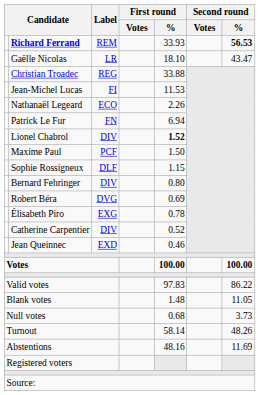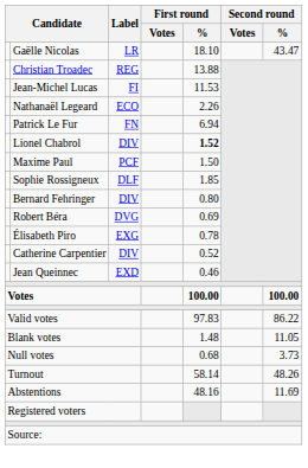 <table class="wikitable" style="text-align:right;font-size:95%;">
 <tr>
 <th rowspan="2" colspan="2">Candidate</th>
 <th rowspan="2">Label</th>
 <th colspan="2">First round</th>
 <th colspan="2">Second round</th>
 </tr>
 <tr>
 <th style="width:50px;">Votes</th>
 <th style="width:45px;">%</th>
 <th style="width:50px;">Votes</th>
 <th style="width:45px;">%</th>
 </tr>
 <tr>
 <td style="color:inherit;background:"></td>
-<td style="text-align:left;"><strong><a href='#'>Richard Ferrand</a></strong></td>
-<td><a href='#'>REM</a></td>
-<td></td>
-<td>33.93</td>
-<td><strong></strong></td>
-<td><strong>56.53</strong></td>
-</tr>
-<tr>
-<td style="color:inherit;background:"></td>
 <td style="text-align:left;">Gaëlle Nicolas</td>
 <td><a href='#'>LR</a></td>
 <td></td>
 <td>18.10</td>
 <td></td>
 <td>43.47</td>
 </tr>
 <tr>
 <td style="color:inherit;background:"></td>
 <td style="text-align:left;"><a href='#'>Christian Troadec</a></td>
 <td><a href='#'>REG</a></td>
 <td></td>
-<td>33.88</td>
+<td>13.88</td>
 <td colspan="2" rowspan="12" style="background:#E9E9E9;"></td>
 </tr>
 <tr>
 <td style="color:inherit;background:"></td>
 <td style="text-align:left;">Jean-Michel Lucas</td>
 <td><a href='#'>FI</a></td>
 <td></td>
 <td>11.53</td>
 </tr>
 <tr>
 <td style="color:inherit;background:"></td>
 <td style="text-align:left;">Nathanaël Legeard</td>
 <td><a href='#'>ECO</a></td>
 <td></td>
 <td>2.26</td>
 </tr>
 <tr>
 <td style="color:inherit;background:"></td>
 <td style="text-align:left;">Patrick Le Fur</td>
 <td><a href='#'>FN</a></td>
 <td></td>
 <td>6.94</td>
 </tr>
 <tr>
 <td style="color:inherit;background:"></td>
 <td style="text-align:left;">Lionel Chabrol</td>
 <td><a href='#'>DIV</a></td>
 <td></td>
 <td><strong>1.52</strong></td>
 </tr>
 <tr>
 <td style="color:inherit;background:"></td>
 <td style="text-align:left;">Maxime Paul</td>
 <td><a href='#'>PCF</a></td>
 <td></td>
 <td>1.50</td>
 </tr>
 <tr>
 <td style="color:inherit;background:"></td>
 <td style="text-align:left;">Sophie Rossigneux</td>
 <td><a href='#'>DLF</a></td>
 <td></td>
-<td>1.15</td>
+<td>1.85</td>
 </tr>
 <tr>
 <td style="color:inherit;background:"></td>
 <td style="text-align:left;">Bernard Fehringer</td>
 <td><a href='#'>DIV</a></td>
 <td></td>
 <td>0.80</td>
 </tr>
 <tr>
 <td style="color:inherit;background:"></td>
 <td style="text-align:left;">Robert Béra</td>
 <td><a href='#'>DVG</a></td>
 <td></td>
 <td>0.69</td>
 </tr>
 <tr>
 <td style="color:inherit;background:"></td>
 <td style="text-align:left;">Élisabeth Piro</td>
 <td><a href='#'>EXG</a></td>
 <td></td>
 <td>0.78</td>
 </tr>
 <tr>
 <td style="color:inherit;background:"></td>
 <td style="text-align:left;">Catherine Carpentier</td>
 <td><a href='#'>DIV</a></td>
 <td></td>
 <td>0.52</td>
 </tr>
 <tr>
 <td style="color:inherit;background:"></td>
 <td style="text-align:left;">Jean Queinnec</td>
 <td><a href='#'>EXD</a></td>
 <td></td>
 <td>0.46</td>
 </tr>
 <tr>
 <td colspan="7" style="background:#E9E9E9;"></td>
 </tr>
 <tr style="font-weight:bold;">
 <td colspan="3" style="text-align:left;">Votes</td>
 <td></td>
 <td>100.00</td>
 <td></td>
 <td>100.00</td>
 </tr>
 <tr>
 <td colspan="7" style="background:#E9E9E9;"></td>
 </tr>
 <tr>
 <td colspan="3" style="text-align:left;">Valid votes</td>
 <td></td>
 <td>97.83</td>
 <td></td>
 <td>86.22</td>
 </tr>
 <tr>
 <td colspan="3" style="text-align:left;">Blank votes</td>
 <td></td>
 <td>1.48</td>
 <td></td>
 <td>11.05</td>
 </tr>
 <tr>
 <td colspan="3" style="text-align:left;">Null votes</td>
 <td></td>
 <td>0.68</td>
 <td></td>
 <td>3.73</td>
 </tr>
 <tr>
 <td colspan="3" style="text-align:left;">Turnout</td>
 <td></td>
 <td>58.14</td>
 <td></td>
 <td>48.26</td>
 </tr>
 <tr>
 <td colspan="3" style="text-align:left;">Abstentions</td>
 <td></td>
 <td>48.16</td>
 <td></td>
 <td>11.69</td>
 </tr>
 <tr>
 <td colspan="3" style="text-align:left;">Registered voters</td>
 <td></td>
 <td style="color:inherit;background:#E9E9E9;"></td>
 <td></td>
 <td style="color:inherit;background:#E9E9E9;"></td>
 </tr>
 <tr>
 <td colspan="7" style="background:#E9E9E9;"></td>
 </tr>
 <tr>
 <td colspan="7" style="text-align:left;">Source: </td>
 </tr>
 </table>
